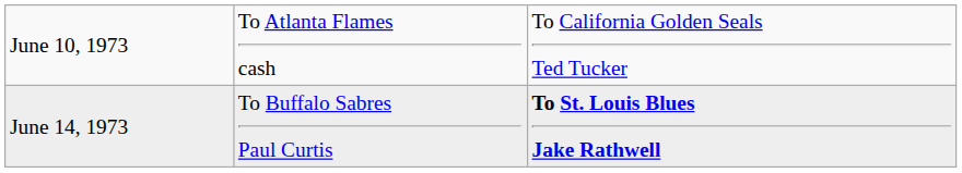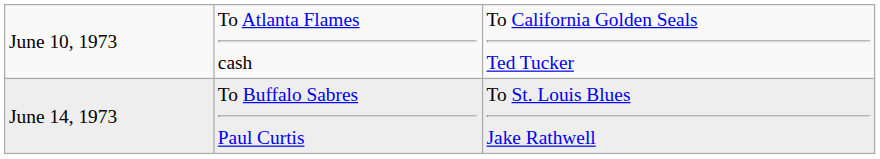 <table cellspacing=0 class="wikitable" style="border:1px solid #999999; width:720px;">
 <tr>
 <td>June 10, 1973</td>
 <td valign="top">To <a href='#'>Atlanta Flames</a><hr>cash</td>
 <td valign="top">To <a href='#'>California Golden Seals</a><hr><a href='#'>Ted Tucker</a></td>
 </tr>
 <tr bgcolor="#eeeeee">
 <td>June 14, 1973</td>
 <td valign="top">To <a href='#'>Buffalo Sabres</a><hr><a href='#'>Paul Curtis</a></td>
-<td valign="top"><strong>To <a href='#'>St. Louis Blues</a><hr><a href='#'>Jake Rathwell</a></strong></td>
+<td valign="top">To <a href='#'>St. Louis Blues</a><hr><a href='#'>Jake Rathwell</a></td>
 </tr>
 </table>
